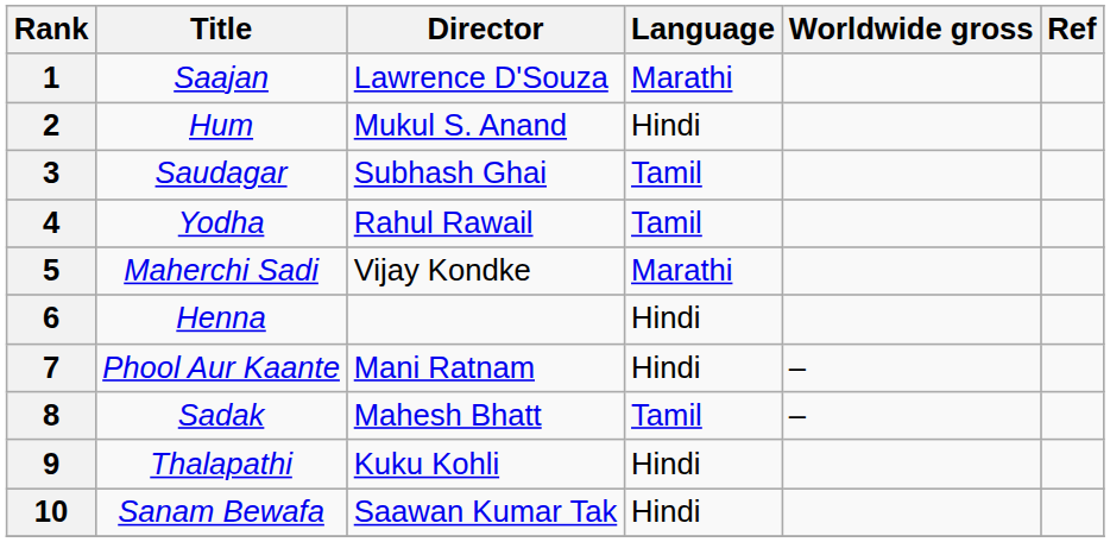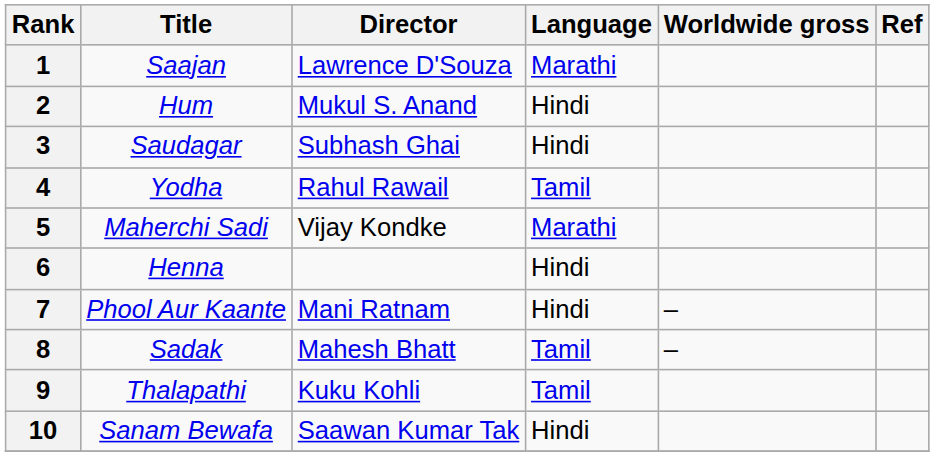 <table class="wikitable sortable" style=" margin:auto;">
 <tr>
 <th>Rank</th>
 <th>Title</th>
 <th>Director</th>
 <th>Language</th>
 <th>Worldwide gross</th>
 <th>Ref</th>
 </tr>
 <tr>
 <th style="text-align:center;">1</th>
 <td style="text-align:center;"><em><a href='#'>Saajan</a></em></td>
 <td><a href='#'>Lawrence D'Souza</a></td>
 <td><a href='#'>Marathi</a></td>
 <td></td>
 <td></td>
 </tr>
 <tr>
 <th style="textalign:center;">2</th>
 <td style="text-align:center;"><em><a href='#'>Hum</a></em></td>
 <td><a href='#'>Mukul S. Anand</a></td>
 <td>Hindi</td>
 <td></td>
 <td></td>
 </tr>
 <tr>
 <th style="textalign:centre;">3</th>
 <td style="text-align:center;"><em><a href='#'>Saudagar</a></em></td>
 <td><a href='#'>Subhash Ghai</a></td>
-<td><a href='#'>Tamil</a></td>
+<td>Hindi</td>
 <td></td>
 <td></td>
 </tr>
 <tr>
 <th style="text-align:center;">4</th>
 <td style="text-align:center;"><em><a href='#'>Yodha</a></em></td>
 <td><a href='#'>Rahul Rawail</a></td>
 <td><a href='#'>Tamil</a></td>
 <td></td>
 <td></td>
 </tr>
 <tr>
 <th style="text-align:center;">5</th>
 <td style="text-align:center;"><em><a href='#'>Maherchi Sadi</a></em></td>
 <td>Vijay Kondke</td>
 <td><a href='#'>Marathi</a></td>
 <td></td>
 <td></td>
 </tr>
 <tr>
 <th style="textalign:centre;">6</th>
 <td style="text-align:center;"><em><a href='#'>Henna</a></em></td>
 <td></td>
 <td>Hindi</td>
 <td></td>
 <td></td>
 </tr>
 <tr>
 <th style="textalign:centre;">7</th>
 <td style="text-align:center; "><em><a href='#'>Phool Aur Kaante</a></em></td>
 <td><a href='#'>Mani Ratnam</a></td>
 <td>Hindi</td>
 <td>–</td>
 <td></td>
 </tr>
 <tr>
 <th style="textalign:centre;">8</th>
 <td style="text-align:center;"><em><a href='#'>Sadak</a></em></td>
 <td><a href='#'>Mahesh Bhatt</a></td>
 <td><a href='#'>Tamil</a></td>
 <td>–</td>
 <td></td>
 </tr>
 <tr>
 <th style="textalign:centre;">9</th>
 <td style="text-align:center;"><em><a href='#'>Thalapathi</a></em></td>
 <td><a href='#'>Kuku Kohli</a></td>
-<td>Hindi</td>
+<td><a href='#'>Tamil</a></td>
 <td></td>
 <td></td>
 </tr>
 <tr>
 <th style="textalign:centre;">10</th>
 <td style="text-align:center;"><em><a href='#'>Sanam Bewafa</a></em></td>
 <td><a href='#'>Saawan Kumar Tak</a></td>
 <td>Hindi</td>
 <td></td>
 <td></td>
 </tr>
 <tr>
 </tr>
 </table>
